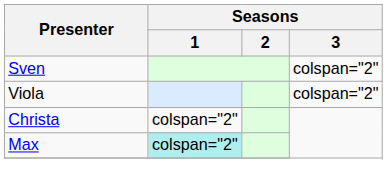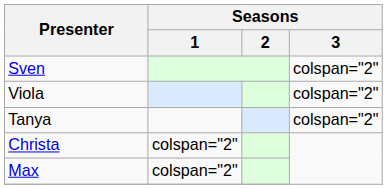 <table class="wikitable">
 <tr>
 <th rowspan="2" width="135">Presenter</th>
 <th colspan="3">Seasons</th>
 </tr>
 <tr>
 <th width="40">1</th>
 <th width="40">2</th>
 <th width="40">3</th>
 </tr>
 <tr>
 <td><a href='#'>Sven</a></td>
 <td colspan="2" style="background:#ddffdd"></td>
 <td>colspan="2" </td>
 </tr>
 <tr>
 <td>Viola</td>
 <td style="background:#DAEBFF"></td>
 <td style="background:#ddffdd"></td>
 <td>colspan="2" </td>
 </tr>
 <tr>
+<td>Tanya</td>
+<td></td>
+<td style="background:#DAEBFF"></td>
+<td>colspan="2" </td>
+</tr>
+<tr>
 <td><a href='#'>Christa</a></td>
 <td>colspan="2" </td>
 <td colspan="1" style="background:#ddffdd"></td>
 </tr>
 <tr>
 <td><a href='#'>Max</a></td>
-<td style="background: paleturquoise;">colspan="2" </td>
+<td>colspan="2" </td>
 <td colspan="1" style="background:#ddffdd"></td>
 </tr>
 <tr>
 </tr>
 </table>
